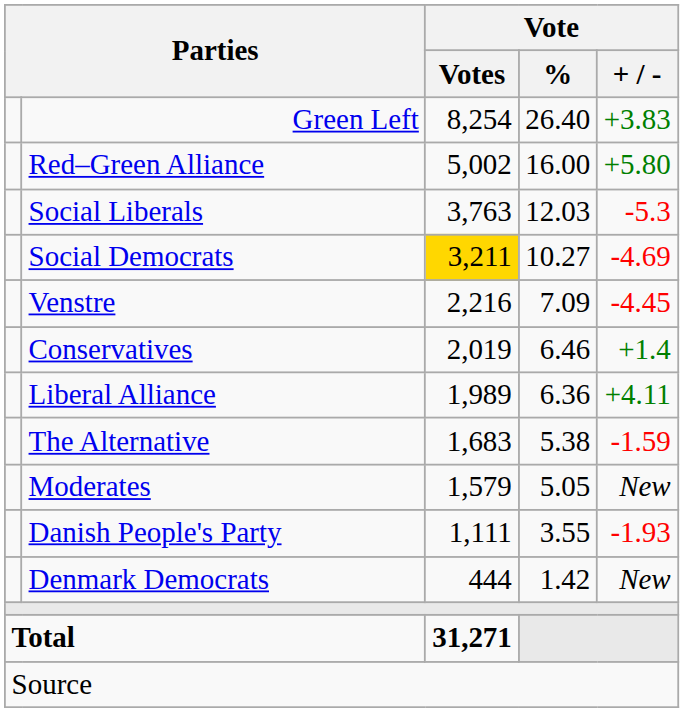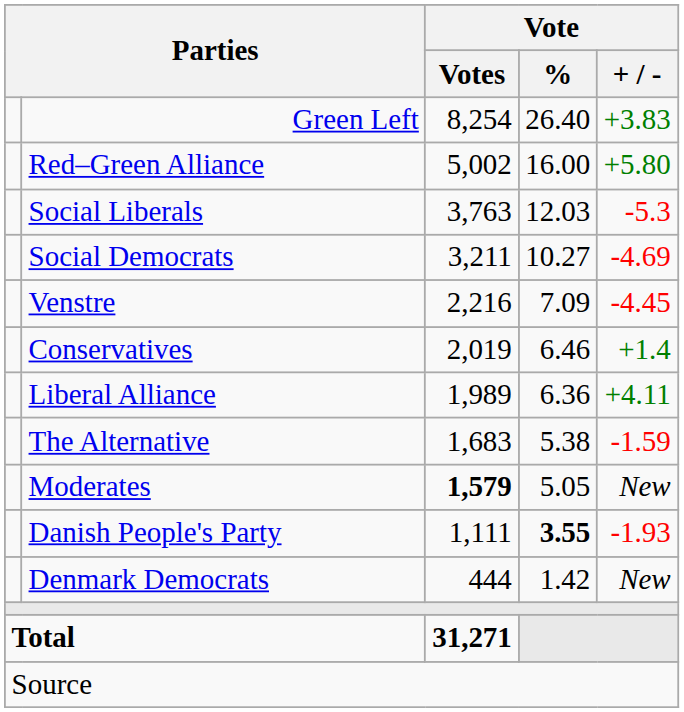 <table class="wikitable" style="text-align:right;">
 <tr>
 <th style="text-align:centre;" rowspan="2" colspan="2" width="225">Parties</th>
 <th colspan="3">Vote</th>
 </tr>
 <tr>
 <th width="15">Votes</th>
 <th width="15">%</th>
 <th width="15">+ / -</th>
 </tr>
 <tr>
 <td width=2 bgcolor=></td>
 <td><a href='#'>Green Left</a></td>
 <td>8,254</td>
 <td>26.40</td>
 <td style=color:green;>+3.83</td>
 </tr>
 <tr>
 <td width=2 bgcolor=></td>
 <td align=left><a href='#'>Red–Green Alliance</a></td>
 <td>5,002</td>
 <td>16.00</td>
 <td style=color:green;>+5.80</td>
 </tr>
 <tr>
 <td width=2 bgcolor=></td>
 <td align=left><a href='#'>Social Liberals</a></td>
 <td>3,763</td>
 <td>12.03</td>
 <td style=color:red;>-5.3</td>
 </tr>
 <tr>
 <td width=2 bgcolor=></td>
 <td align=left><a href='#'>Social Democrats</a></td>
-<td style="background: gold;">3,211</td>
+<td>3,211</td>
 <td>10.27</td>
 <td style=color:red;>-4.69</td>
 </tr>
 <tr>
 <td width=2 bgcolor=></td>
 <td align=left><a href='#'>Venstre</a></td>
 <td>2,216</td>
 <td>7.09</td>
 <td style=color:red;>-4.45</td>
 </tr>
 <tr>
 <td width=2 bgcolor=></td>
 <td align=left><a href='#'>Conservatives</a></td>
 <td>2,019</td>
 <td>6.46</td>
 <td style=color:green;>+1.4</td>
 </tr>
 <tr>
 <td width=2 bgcolor=></td>
 <td align=left><a href='#'>Liberal Alliance</a></td>
 <td>1,989</td>
 <td>6.36</td>
 <td style=color:green;>+4.11</td>
 </tr>
 <tr>
 <td width=2 bgcolor=></td>
 <td align=left><a href='#'>The Alternative</a></td>
 <td>1,683</td>
 <td>5.38</td>
 <td style=color:red;>-1.59</td>
 </tr>
 <tr>
 <td width=2 bgcolor=></td>
 <td align=left><a href='#'>Moderates</a></td>
-<td>1,579</td>
+<td><strong>1,579</strong></td>
 <td>5.05</td>
 <td><em>New</em></td>
 </tr>
 <tr>
 <td width=2 bgcolor=></td>
 <td align=left><a href='#'>Danish People's Party</a></td>
 <td>1,111</td>
-<td>3.55</td>
+<td><strong>3.55</strong></td>
 <td style=color:red;>-1.93</td>
 </tr>
 <tr>
 <td width=2 bgcolor=></td>
 <td align=left><a href='#'>Denmark Democrats</a></td>
 <td>444</td>
 <td>1.42</td>
 <td><em>New</em></td>
 </tr>
 <tr>
 <td colspan="7" bgcolor="#E9E9E9"></td>
 </tr>
 <tr>
 <td align="left" colspan="2"><strong>Total</strong></td>
 <td><strong>31,271</strong></td>
 <td bgcolor=#E9E9E9 colspan=2></td>
 </tr>
 <tr>
 <td align="left" colspan="6">Source</td>
 </tr>
 </table>
